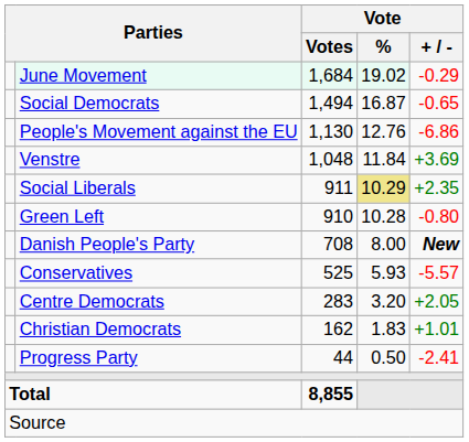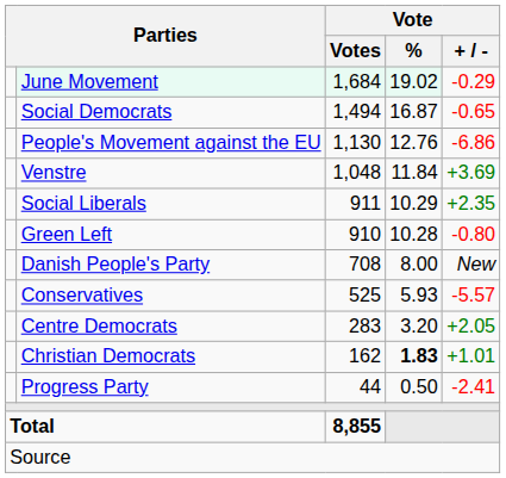 <table class="wikitable" style="text-align:right;">
 <tr>
 <th style="text-align:centre;" rowspan="2" colspan="2" width="225">Parties</th>
 <th colspan="3">Vote</th>
 </tr>
 <tr>
 <th width="15">Votes</th>
 <th width="15">%</th>
 <th width="15">+ / -</th>
 </tr>
 <tr>
 <td width="2" style="color:inherit;background:"></td>
 <td bgcolor=#e8fbf3   align="left"><a href='#'>June Movement</a></td>
 <td bgcolor=#e8fbf3>1,684</td>
 <td bgcolor=#e8fbf3>19.02</td>
 <td style=color:red;>-0.29</td>
 </tr>
 <tr>
 <td width="2" style="color:inherit;background:"></td>
 <td align="left"><a href='#'>Social Democrats</a></td>
 <td>1,494</td>
 <td>16.87</td>
 <td style=color:red;>-0.65</td>
 </tr>
 <tr>
 <td width="2" style="color:inherit;background:"></td>
 <td align="left"><a href='#'>People's Movement against the EU</a></td>
 <td>1,130</td>
 <td>12.76</td>
 <td style=color:red;>-6.86</td>
 </tr>
 <tr>
 <td width="2" style="color:inherit;background:"></td>
 <td align="left"><a href='#'>Venstre</a></td>
 <td>1,048</td>
 <td>11.84</td>
 <td style=color:green;>+3.69</td>
 </tr>
 <tr>
 <td width="2" style="color:inherit;background:"></td>
 <td align="left"><a href='#'>Social Liberals</a></td>
 <td>911</td>
-<td style="background: khaki;">10.29</td>
+<td>10.29</td>
 <td style=color:green;>+2.35</td>
 </tr>
 <tr>
 <td width="2" style="color:inherit;background:"></td>
 <td align="left"><a href='#'>Green Left</a></td>
 <td>910</td>
 <td>10.28</td>
 <td style=color:red;>-0.80</td>
 </tr>
 <tr>
 <td width="2" style="color:inherit;background:"></td>
 <td align="left"><a href='#'>Danish People's Party</a></td>
 <td>708</td>
 <td>8.00</td>
-<td><strong><em>New</em></strong></td>
+<td><em>New</em></td>
 </tr>
 <tr>
 <td width="2" style="color:inherit;background:"></td>
 <td align="left"><a href='#'>Conservatives</a></td>
 <td>525</td>
 <td>5.93</td>
 <td style=color:red;>-5.57</td>
 </tr>
 <tr>
 <td width="2" style="color:inherit;background:"></td>
 <td align="left"><a href='#'>Centre Democrats</a></td>
 <td>283</td>
 <td>3.20</td>
 <td style=color:green;>+2.05</td>
 </tr>
 <tr>
 <td width="2" style="color:inherit;background:"></td>
 <td align="left"><a href='#'>Christian Democrats</a></td>
 <td>162</td>
-<td>1.83</td>
+<td><strong>1.83</strong></td>
 <td style=color:green;>+1.01</td>
 </tr>
 <tr>
 <td width="2" style="color:inherit;background:"></td>
 <td align="left"><a href='#'>Progress Party</a></td>
 <td>44</td>
 <td>0.50</td>
 <td style=color:red;>-2.41</td>
 </tr>
 <tr>
 <td colspan="7" bgcolor="#E9E9E9"></td>
 </tr>
 <tr>
 <td align="left" colspan="2"><strong>Total</strong></td>
 <td><strong>8,855</strong></td>
 <td bgcolor="#E9E9E9" colspan="2"></td>
 </tr>
 <tr>
 <td align="left" colspan="6">Source</td>
 </tr>
 </table>
